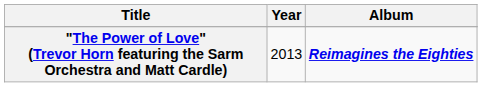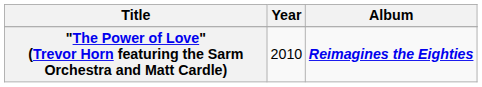 <table class="wikitable plainrowheaders" style="text-align:center;">
 <tr>
 <th scope="col" style="width:18em;">Title</th>
 <th scope="col" style="width:1em;">Year</th>
 <th scope="col">Album</th>
 </tr>
 <tr>
 </tr>
 <tr>
 <th scope="row">"<a href='#'>The Power of Love</a>"<br><span>(<a href='#'>Trevor Horn</a> featuring the Sarm Orchestra and Matt Cardle)</span></th>
-<td>2013</td>
+<td>2010</td>
 <td><strong><em><a href='#'>Reimagines the Eighties</a></em></strong></td>
 </tr>
 </table>
